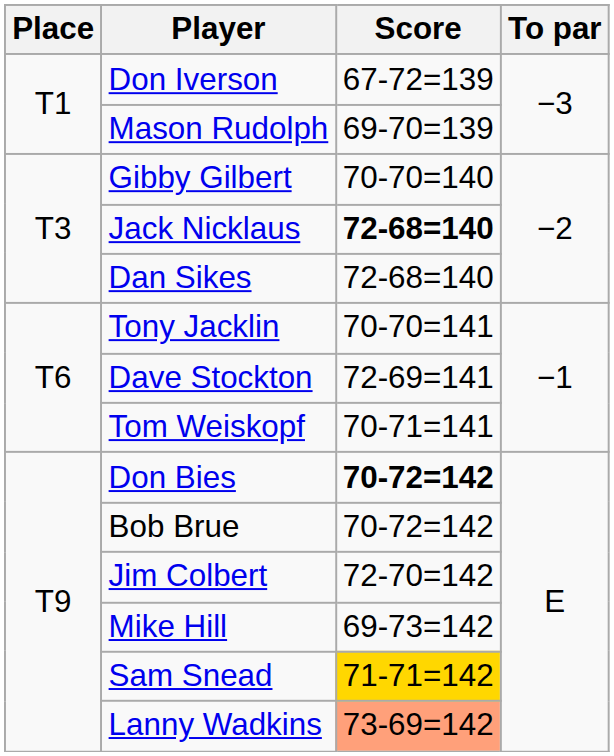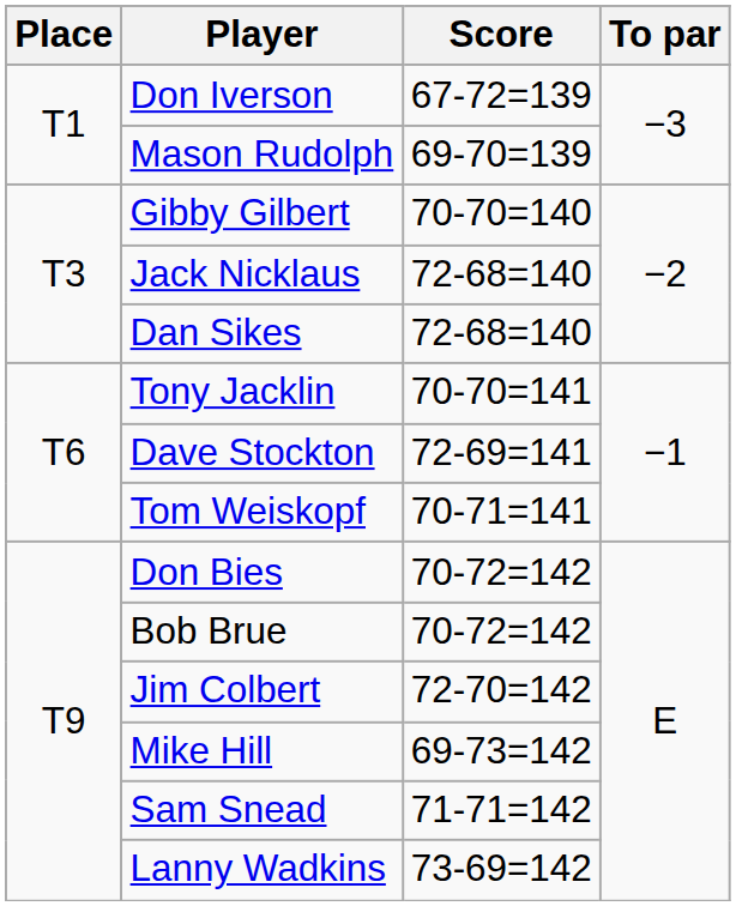 <table class=wikitable>
 <tr>
 <th>Place</th>
 <th>Player</th>
 <th>Score</th>
 <th>To par</th>
 </tr>
 <tr>
 <td rowspan=2 align=center>T1</td>
 <td> <a href='#'>Don Iverson</a></td>
 <td>67-72=139</td>
 <td rowspan=2 align=center>−3</td>
 </tr>
 <tr>
 <td> <a href='#'>Mason Rudolph</a></td>
 <td>69-70=139</td>
 </tr>
 <tr>
 <td rowspan=3 align=center>T3</td>
 <td> <a href='#'>Gibby Gilbert</a></td>
 <td>70-70=140</td>
 <td rowspan=3 align=center>−2</td>
 </tr>
 <tr>
 <td> <a href='#'>Jack Nicklaus</a></td>
-<td><strong>72-68=140</strong></td>
+<td>72-68=140</td>
 </tr>
 <tr>
 <td> <a href='#'>Dan Sikes</a></td>
 <td>72-68=140</td>
 </tr>
 <tr>
 <td rowspan=3 align=center>T6</td>
 <td> <a href='#'>Tony Jacklin</a></td>
 <td>70-70=141</td>
 <td rowspan=3 align=center>−1</td>
 </tr>
 <tr>
 <td> <a href='#'>Dave Stockton</a></td>
 <td>72-69=141</td>
 </tr>
 <tr>
 <td> <a href='#'>Tom Weiskopf</a></td>
 <td>70-71=141</td>
 </tr>
 <tr>
 <td rowspan=6 align=center>T9</td>
 <td> <a href='#'>Don Bies</a></td>
-<td><strong>70-72=142</strong></td>
+<td>70-72=142</td>
 <td rowspan=6 align=center>E</td>
 </tr>
 <tr>
 <td> Bob Brue</td>
 <td>70-72=142</td>
 </tr>
 <tr>
 <td> <a href='#'>Jim Colbert</a></td>
 <td>72-70=142</td>
 </tr>
 <tr>
 <td> <a href='#'>Mike Hill</a></td>
 <td>69-73=142</td>
 </tr>
 <tr>
 <td> <a href='#'>Sam Snead</a></td>
-<td style="background: gold;">71-71=142</td>
+<td>71-71=142</td>
 </tr>
 <tr>
 <td> <a href='#'>Lanny Wadkins</a></td>
-<td style="background: lightsalmon;">73-69=142</td>
+<td>73-69=142</td>
 </tr>
 </table>
